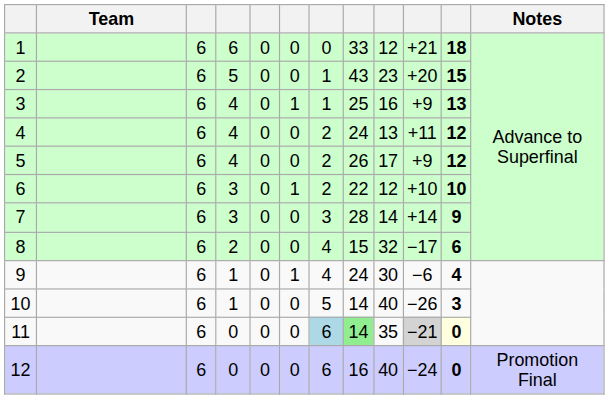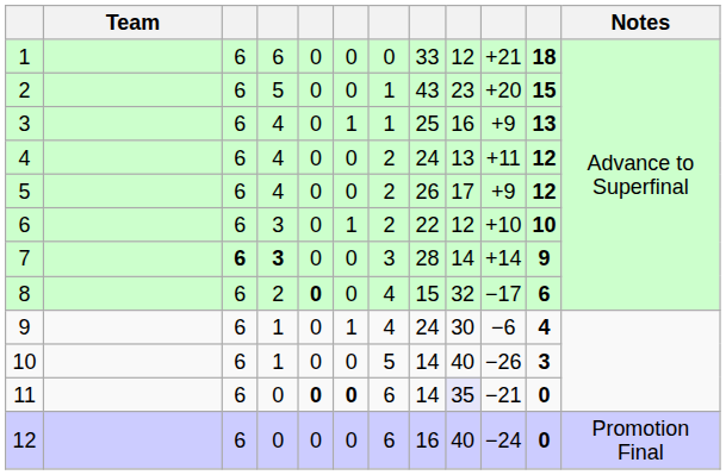 <table class="wikitable" style="text-align: center; font-size: 95%;">
 <tr>
 <th width="20"></th>
 <th width="120">Team</th>
 <th width="18"></th>
 <th width="22"></th>
 <th width="18"></th>
 <th width="18"></th>
 <th width="22"></th>
 <th width="18"></th>
 <th width="18"></th>
 <th width="25"></th>
 <th width="18"></th>
 <th width="105">Notes</th>
 </tr>
 <tr style="background-color: #ccffcc;">
 <td>1</td>
 <td align=left></td>
 <td>6</td>
 <td>6</td>
 <td>0</td>
 <td>0</td>
 <td>0</td>
 <td>33</td>
 <td>12</td>
 <td>+21</td>
 <td><strong>18</strong></td>
 <td rowspan="8">Advance to<br>Superfinal</td>
 </tr>
 <tr style="background-color: #ccffcc;">
 <td>2</td>
 <td align=left></td>
 <td>6</td>
 <td>5</td>
 <td>0</td>
 <td>0</td>
 <td>1</td>
 <td>43</td>
 <td>23</td>
 <td>+20</td>
 <td><strong>15</strong></td>
 </tr>
 <tr style="background-color: #ccffcc;">
 <td>3</td>
 <td align=left></td>
 <td>6</td>
 <td>4</td>
 <td>0</td>
 <td>1</td>
 <td>1</td>
 <td>25</td>
 <td>16</td>
 <td>+9</td>
 <td><strong>13</strong></td>
 </tr>
 <tr style="background-color: #ccffcc;">
 <td>4</td>
 <td align=left></td>
 <td>6</td>
 <td>4</td>
 <td>0</td>
 <td>0</td>
 <td>2</td>
 <td>24</td>
 <td>13</td>
 <td>+11</td>
 <td><strong>12</strong></td>
 </tr>
 <tr style="background-color: #ccffcc;">
 <td>5</td>
 <td align=left></td>
 <td>6</td>
 <td>4</td>
 <td>0</td>
 <td>0</td>
 <td>2</td>
 <td>26</td>
 <td>17</td>
 <td>+9</td>
 <td><strong>12</strong></td>
 </tr>
 <tr style="background-color: #ccffcc;">
 <td>6</td>
 <td align=left></td>
 <td>6</td>
 <td>3</td>
 <td>0</td>
 <td>1</td>
 <td>2</td>
 <td>22</td>
 <td>12</td>
 <td>+10</td>
 <td><strong>10</strong></td>
 </tr>
 <tr style="background-color: #ccffcc;">
 <td>7</td>
 <td align=left></td>
-<td>6</td>
-<td>3</td>
+<td><strong>6</strong></td>
+<td><strong>3</strong></td>
 <td>0</td>
 <td>0</td>
 <td>3</td>
 <td>28</td>
 <td>14</td>
 <td>+14</td>
 <td><strong>9</strong></td>
 </tr>
 <tr style="background-color: #ccffcc;">
 <td>8</td>
 <td align=left></td>
 <td>6</td>
 <td>2</td>
-<td>0</td>
+<td><strong>0</strong></td>
 <td>0</td>
 <td>4</td>
 <td>15</td>
 <td>32</td>
 <td>−17</td>
 <td><strong>6</strong></td>
 </tr>
 <tr>
 <td>9</td>
 <td align=left></td>
 <td>6</td>
 <td>1</td>
 <td>0</td>
 <td>1</td>
 <td>4</td>
 <td>24</td>
 <td>30</td>
 <td>−6</td>
 <td><strong>4</strong></td>
 <td rowspan="3"></td>
 </tr>
 <tr>
 <td>10</td>
 <td align=left></td>
 <td>6</td>
 <td>1</td>
 <td>0</td>
 <td>0</td>
 <td>5</td>
 <td>14</td>
 <td>40</td>
 <td>−26</td>
 <td><strong>3</strong></td>
 </tr>
 <tr>
 <td>11</td>
 <td align=left></td>
 <td>6</td>
 <td>0</td>
-<td>0</td>
-<td>0</td>
-<td style="background: lightblue;">6</td>
-<td style="background: lightgreen;">14</td>
-<td>35</td>
-<td style="background: lightgrey;">−21</td>
-<td style="background: lightyellow;"><strong>0</strong></td>
+<td><strong>0</strong></td>
+<td><strong>0</strong></td>
+<td>6</td>
+<td>14</td>
+<td style="background: lavender;">35</td>
+<td>−21</td>
+<td><strong>0</strong></td>
 </tr>
 <tr style="background-color: #ccccff">
 <td>12</td>
 <td align=left></td>
 <td>6</td>
 <td>0</td>
 <td>0</td>
 <td>0</td>
 <td>6</td>
 <td>16</td>
 <td>40</td>
 <td>−24</td>
 <td><strong>0</strong></td>
 <td>Promotion Final</td>
 </tr>
 </table>
